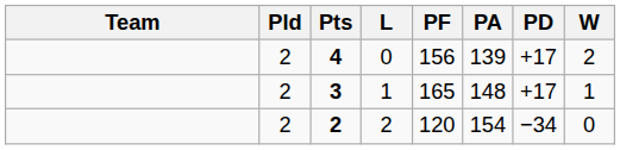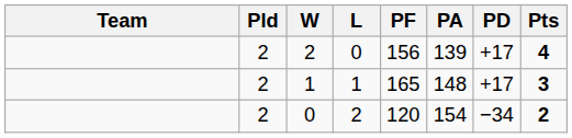 <table class=wikitable style="text-align:center">
 <tr>
 <th width=180>Team</th>
 <th width=30>Pld</th>
-<th width=30>Pts</th>
+<th width=30>W</th>
 <th width=30>L</th>
 <th width=30>PF</th>
 <th width=30>PA</th>
 <th width=30>PD</th>
-<th width=30>W</th>
+<th width=30>Pts</th>
 </tr>
 <tr align=center>
 <td align=left></td>
 <td>2</td>
-<td><strong>4</strong></td>
+<td>2</td>
 <td>0</td>
 <td>156</td>
 <td>139</td>
 <td>+17</td>
-<td>2</td>
+<td><strong>4</strong></td>
 </tr>
 <tr align=center>
 <td align=left></td>
 <td>2</td>
-<td><strong>3</strong></td>
+<td>1</td>
 <td>1</td>
 <td>165</td>
 <td>148</td>
 <td>+17</td>
-<td>1</td>
+<td><strong>3</strong></td>
 </tr>
 <tr align=center>
 <td align=left></td>
 <td>2</td>
-<td><strong>2</strong></td>
+<td>0</td>
 <td>2</td>
 <td>120</td>
 <td>154</td>
 <td>−34</td>
-<td>0</td>
+<td><strong>2</strong></td>
 </tr>
 </table>
